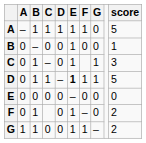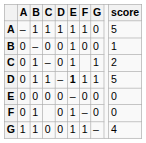 <table class="wikitable">
 <tr>
 <th></th>
 <th>A</th>
 <th>B</th>
 <th>C</th>
 <th>D</th>
 <th>E</th>
 <th>F</th>
 <th>G</th>
 <td rowspan="8"></td>
 <th>score</th>
 </tr>
 <tr>
 <th>A</th>
 <td>–</td>
 <td>1</td>
 <td>1</td>
 <td>1</td>
 <td>1</td>
 <td>1</td>
 <td>0</td>
 <td>5</td>
 </tr>
 <tr>
 <th>B</th>
 <td>0</td>
 <td>–</td>
 <td>0</td>
 <td>0</td>
 <td>1</td>
 <td>0</td>
 <td>0</td>
 <td>1</td>
 </tr>
 <tr>
 <th>C</th>
 <td>0</td>
 <td>1</td>
 <td>–</td>
 <td>0</td>
 <td>1</td>
 <td></td>
 <td>1</td>
-<td>3</td>
+<td>2</td>
 </tr>
 <tr>
 <th>D</th>
 <td>0</td>
 <td>1</td>
 <td>1</td>
 <td>–</td>
 <td><strong>1</strong></td>
 <td>1</td>
 <td>1</td>
 <td>5</td>
 </tr>
 <tr>
 <th>E</th>
 <td>0</td>
 <td>0</td>
 <td>0</td>
 <td>0</td>
 <td>–</td>
 <td>0</td>
 <td>0</td>
 <td>0</td>
 </tr>
 <tr>
 <th>F</th>
 <td>0</td>
 <td>1</td>
 <td></td>
 <td>0</td>
 <td>1</td>
 <td>–</td>
 <td>0</td>
-<td>2</td>
+<td>0</td>
 </tr>
 <tr>
 <th>G</th>
 <td>1</td>
 <td>1</td>
 <td>0</td>
 <td>0</td>
 <td>1</td>
 <td>1</td>
 <td>–</td>
-<td>2</td>
+<td>4</td>
 </tr>
 </table>
